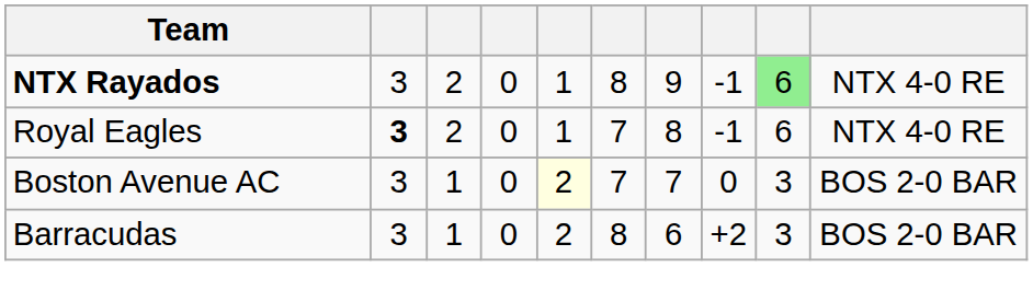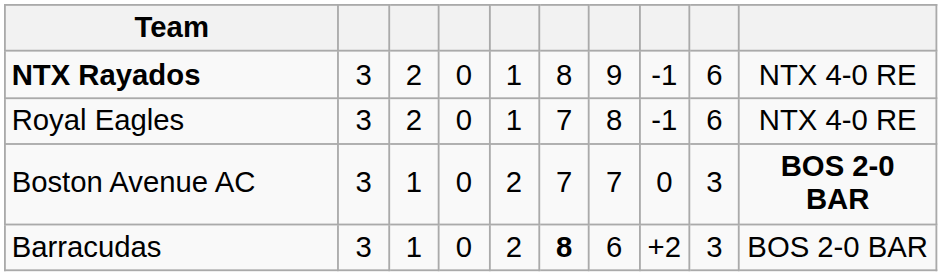 <table class="wikitable" style="text-align:center;">
 <tr>
 <th width=175>Team</th>
 <th width=20></th>
 <th width=20></th>
 <th width=20></th>
 <th width=20></th>
 <th width=20></th>
 <th width=20></th>
 <th width=20></th>
 <th width=20></th>
 <th width=100></th>
 </tr>
 <tr>
 <td align=left> <strong>NTX Rayados</strong></td>
 <td>3</td>
 <td>2</td>
 <td>0</td>
 <td>1</td>
 <td>8</td>
 <td>9</td>
 <td>-1</td>
-<td style="background: lightgreen;">6</td>
+<td>6</td>
 <td>NTX 4-0 RE</td>
 </tr>
 <tr>
 <td align=left> Royal Eagles</td>
-<td><strong>3</strong></td>
+<td>3</td>
 <td>2</td>
 <td>0</td>
 <td>1</td>
 <td>7</td>
 <td>8</td>
 <td>-1</td>
 <td>6</td>
 <td>NTX 4-0 RE</td>
 </tr>
 <tr>
 <td align=left> Boston Avenue AC</td>
 <td>3</td>
 <td>1</td>
 <td>0</td>
-<td style="background: lightyellow;">2</td>
+<td>2</td>
 <td>7</td>
 <td>7</td>
 <td>0</td>
 <td>3</td>
-<td>BOS 2-0 BAR</td>
+<td><strong>BOS 2-0 BAR</strong></td>
 </tr>
 <tr>
 <td align=left> Barracudas</td>
 <td>3</td>
 <td>1</td>
 <td>0</td>
 <td>2</td>
-<td>8</td>
+<td><strong>8</strong></td>
 <td>6</td>
 <td>+2</td>
 <td>3</td>
 <td>BOS 2-0 BAR</td>
 </tr>
 </table>
